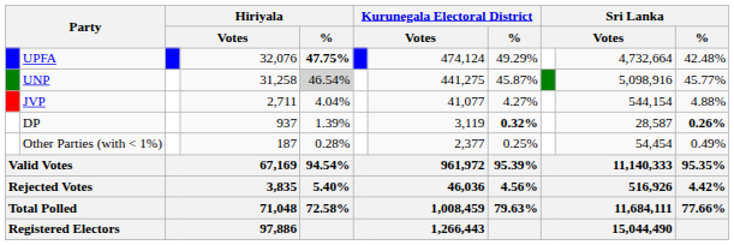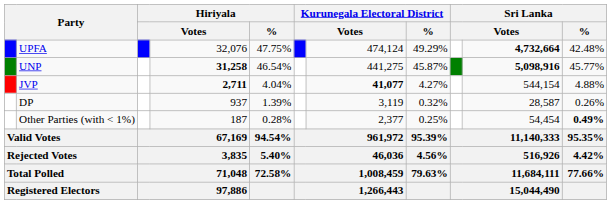 <table class="wikitable">
 <tr>
 <th colspan="2" width="144px"rowspan="2">Party</th>
 <th colspan="3" width="216px">Hiriyala</th>
 <th colspan="3" width="216px"><a href='#'>Kurunegala Electoral District</a></th>
 <th colspan="3" width="216px">Sri Lanka</th>
 </tr>
 <tr>
 <th colspan="2" width="144px">Votes</th>
 <th>%</th>
 <th colspan="2" width="144px">Votes</th>
 <th>%</th>
 <th colspan="2" width="144px">Votes</th>
 <th>%</th>
 </tr>
 <tr>
 <td style="background-color:blue;" width="10px"></td>
 <td style="text-align:left;"><a href='#'>UPFA</a></td>
 <td style="background-color:blue;" width="10px"></td>
 <td style="text-align:right;">32,076</td>
-<td style="text-align:right;"><strong>47.75%</strong></td>
+<td style="text-align:right;">47.75%</td>
 <td style="background-color:blue;" width="10px"></td>
 <td style="text-align:right;">474,124</td>
 <td style="text-align:right;">49.29%</td>
 <td style="background-color:white;" width="10px"></td>
-<td style="text-align:right;">4,732,664</td>
+<td style="text-align:right;"><strong>4,732,664</strong></td>
 <td style="text-align:right;">42.48%</td>
 </tr>
 <tr>
 <td style="background-color:green;" width="10px"></td>
 <td style="text-align:left;"><a href='#'>UNP</a></td>
 <td style="background-color:white;" width="10px"></td>
-<td style="text-align:right;">31,258</td>
-<td style="background: lightgrey; text-align:right;">46.54%</td>
+<td style="text-align:right;"><strong>31,258</strong></td>
+<td style="text-align:right;">46.54%</td>
 <td style="background-color:white;" width="10px"></td>
 <td style="text-align:right;">441,275</td>
 <td style="text-align:right;">45.87%</td>
 <td style="background-color:green;" width="10px"></td>
-<td style="text-align:right;">5,098,916</td>
+<td style="text-align:right;"><strong>5,098,916</strong></td>
 <td style="text-align:right;">45.77%</td>
 </tr>
 <tr>
 <td style="background-color:red;" width="10px"></td>
 <td style="text-align:left;"><a href='#'>JVP</a></td>
 <td style="background-color:white;" width="10px"></td>
-<td style="text-align:right;">2,711</td>
+<td style="text-align:right;"><strong>2,711</strong></td>
 <td style="text-align:right;">4.04%</td>
 <td style="background-color:white;" width="10px"></td>
-<td style="text-align:right;">41,077</td>
+<td style="text-align:right;"><strong>41,077</strong></td>
 <td style="text-align:right;">4.27%</td>
 <td style="background-color:white;" width="10px"></td>
 <td style="text-align:right;">544,154</td>
 <td style="text-align:right;">4.88%</td>
 </tr>
 <tr>
 <td style="background-color:white;" width="10px"></td>
 <td style="text-align:left;">DP</td>
 <td style="background-color:white;" width="10px"></td>
 <td style="text-align:right;">937</td>
 <td style="text-align:right;">1.39%</td>
 <td style="background-color:white;" width="10px"></td>
 <td style="text-align:right;">3,119</td>
-<td style="text-align:right;"><strong>0.32%</strong></td>
+<td style="text-align:right;">0.32%</td>
 <td style="background-color:white;" width="10px"></td>
 <td style="text-align:right;">28,587</td>
-<td style="text-align:right;"><strong>0.26%</strong></td>
+<td style="text-align:right;">0.26%</td>
 </tr>
 <tr>
 <td style="background-color:white;" width="10px"></td>
 <td style="text-align:left;">Other Parties (with < 1%)</td>
 <td style="background-color:white;" width="10px"></td>
 <td style="text-align:right;">187</td>
 <td style="text-align:right;">0.28%</td>
 <td style="background-color:white;" width="10px"></td>
 <td style="text-align:right;">2,377</td>
 <td style="text-align:right;">0.25%</td>
 <td style="background-color:white;" width="10px"></td>
 <td style="text-align:right;">54,454</td>
-<td style="text-align:right;">0.49%</td>
+<td style="text-align:right;"><strong>0.49%</strong></td>
 </tr>
 <tr>
 <th colspan="2" width="144px"style="text-align:left;">Valid Votes</th>
 <th style="text-align:right;"colspan="2" width="144px">67,169</th>
 <th style="text-align:right;">94.54%</th>
 <th style="text-align:right;"colspan="2" width="144px">961,972</th>
 <th style="text-align:right;">95.39%</th>
 <th style="text-align:right;"colspan="2" width="144px">11,140,333</th>
 <th style="text-align:right;">95.35%</th>
 </tr>
 <tr>
 <th colspan="2" width="144px"style="text-align:left;">Rejected Votes</th>
 <th style="text-align:right;"colspan="2" width="144px">3,835</th>
 <th style="text-align:right;">5.40%</th>
 <th style="text-align:right;"colspan="2" width="144px">46,036</th>
 <th style="text-align:right;">4.56%</th>
 <th style="text-align:right;"colspan="2" width="144px">516,926</th>
 <th style="text-align:right;">4.42%</th>
 </tr>
 <tr>
 <th colspan="2" width="144px"style="text-align:left;">Total Polled</th>
 <th style="text-align:right;"colspan="2" width="144px">71,048</th>
 <th style="text-align:right;">72.58%</th>
 <th style="text-align:right;"colspan="2" width="144px">1,008,459</th>
 <th style="text-align:right;">79.63%</th>
 <th style="text-align:right;"colspan="2" width="144px">11,684,111</th>
 <th style="text-align:right;">77.66%</th>
 </tr>
 <tr>
 <th colspan="2" width="144px"style="text-align:left;">Registered Electors</th>
 <th style="text-align:right;"colspan="2" width="144px">97,886</th>
 <th></th>
 <th style="text-align:right;"colspan="2" width="144px">1,266,443</th>
 <th></th>
 <th style="text-align:right;"colspan="2" width="144px">15,044,490</th>
 <th></th>
 </tr>
 </table>
